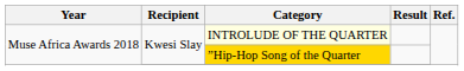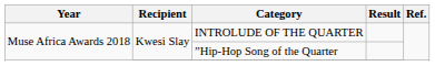 <table class="wikitable">
 <tr>
 <th>Year</th>
 <th>Recipient</th>
 <th>Category</th>
 <th>Result</th>
 <th>Ref.</th>
 </tr>
 <tr>
 <td rowspan=4>Muse Africa Awards 2018</td>
 <td rowspan=2>Kwesi Slay</td>
-<td style="background: lightyellow;">INTROLUDE OF THE QUARTER</td>
+<td>INTROLUDE OF THE QUARTER</td>
 <td></td>
 <td rowspan=4></td>
 </tr>
 <tr>
-<td style="background: gold;">”Hip-Hop Song of the Quarter</td>
+<td>”Hip-Hop Song of the Quarter</td>
 <td></td>
 </tr>
 <tr>
 </tr>
 </table>
